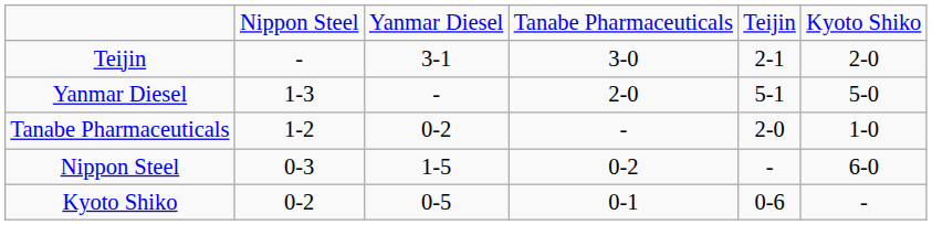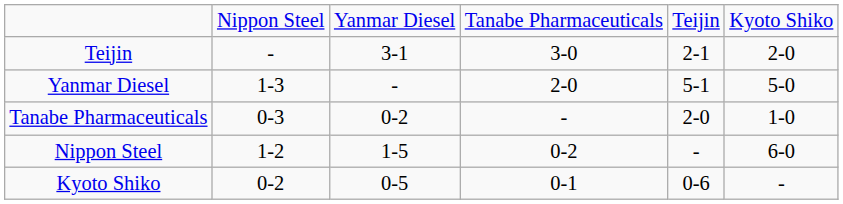 <table class="wikitable">
 <tr align=center>
 <td></td>
 <td><a href='#'>Nippon Steel</a></td>
 <td><a href='#'>Yanmar Diesel</a></td>
 <td><a href='#'>Tanabe Pharmaceuticals</a></td>
 <td><a href='#'>Teijin</a></td>
 <td><a href='#'>Kyoto Shiko</a></td>
 </tr>
 <tr align=center>
 <td><a href='#'>Teijin</a></td>
 <td>-</td>
 <td>3-1</td>
 <td>3-0</td>
 <td>2-1</td>
 <td>2-0</td>
 </tr>
 <tr align=center>
 <td><a href='#'>Yanmar Diesel</a></td>
 <td>1-3</td>
 <td>-</td>
 <td>2-0</td>
 <td>5-1</td>
 <td>5-0</td>
 </tr>
 <tr align=center>
 <td><a href='#'>Tanabe Pharmaceuticals</a></td>
-<td>1-2</td>
+<td>0-3</td>
 <td>0-2</td>
 <td>-</td>
 <td>2-0</td>
 <td>1-0</td>
 </tr>
 <tr align=center>
 <td><a href='#'>Nippon Steel</a></td>
-<td>0-3</td>
+<td>1-2</td>
 <td>1-5</td>
 <td>0-2</td>
 <td>-</td>
 <td>6-0</td>
 </tr>
 <tr align=center>
 <td><a href='#'>Kyoto Shiko</a></td>
 <td>0-2</td>
 <td>0-5</td>
 <td>0-1</td>
 <td>0-6</td>
 <td>-</td>
 </tr>
 </table>
